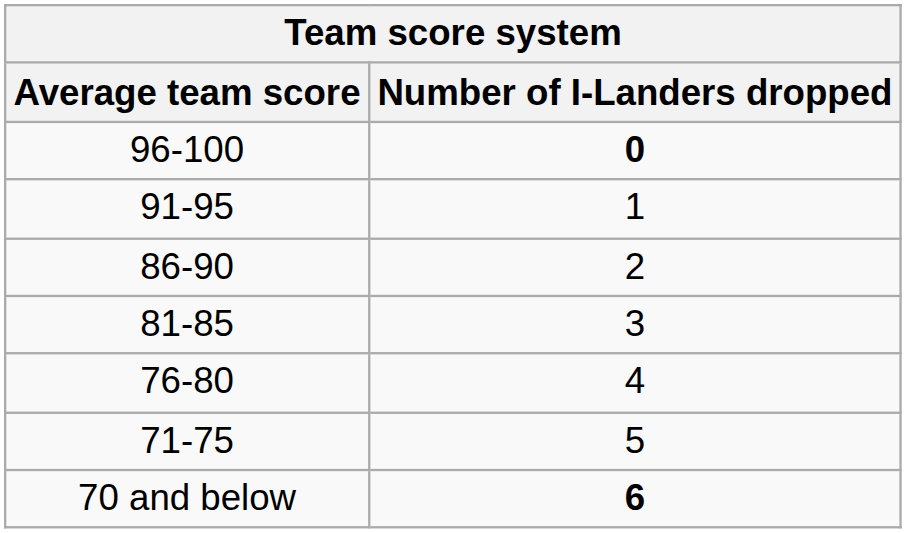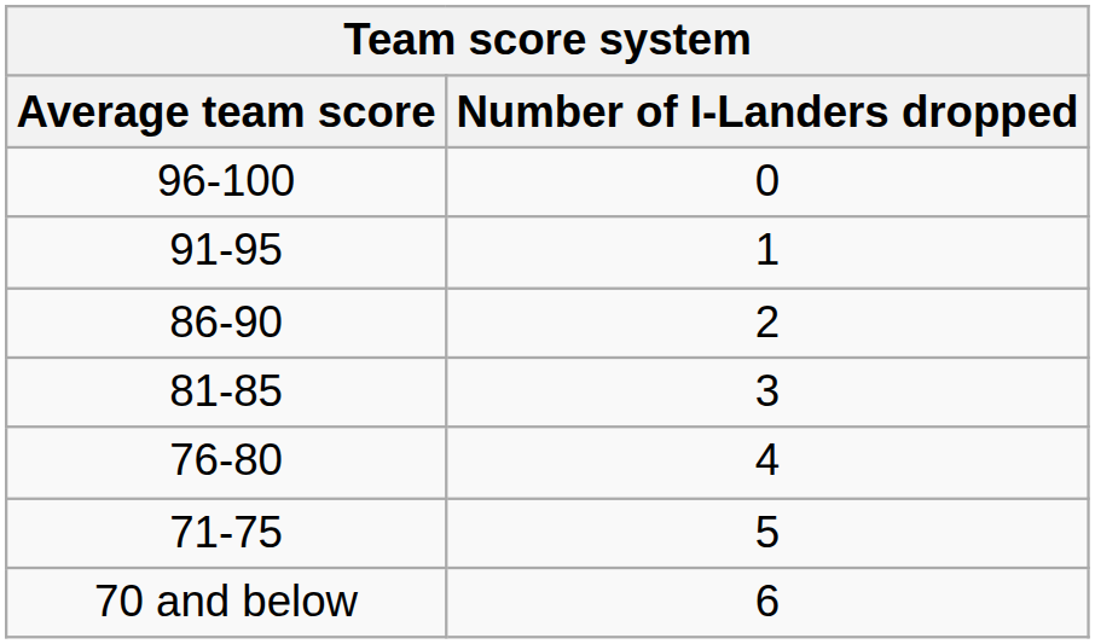 <table class=wikitable style="text-align:center">
 <tr>
 <th colspan=2>Team score system</th>
 </tr>
 <tr>
 <th>Average team score</th>
 <th>Number of I-Landers dropped</th>
 </tr>
 <tr>
 <td>96-100</td>
-<td><strong>0</strong></td>
+<td>0</td>
 </tr>
 <tr>
 <td>91-95</td>
 <td>1</td>
 </tr>
 <tr>
 <td>86-90</td>
 <td>2</td>
 </tr>
 <tr>
 <td>81-85</td>
 <td>3</td>
 </tr>
 <tr>
 <td>76-80</td>
 <td>4</td>
 </tr>
 <tr>
 <td>71-75</td>
 <td>5</td>
 </tr>
 <tr>
 <td>70 and below</td>
-<td><strong>6</strong></td>
+<td>6</td>
 </tr>
 </table>
